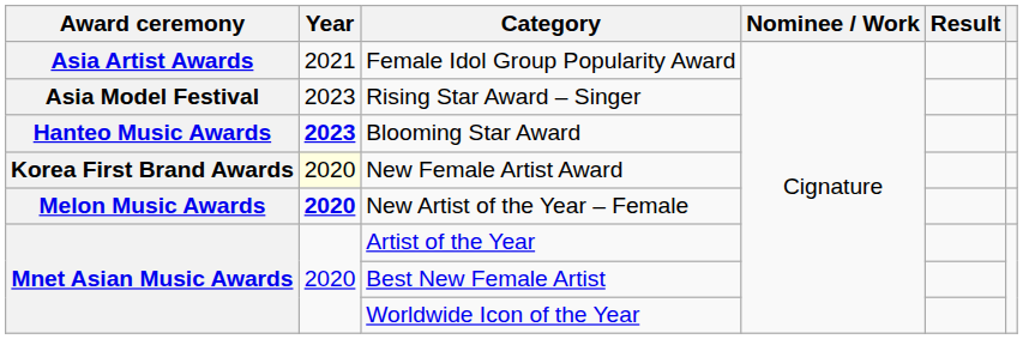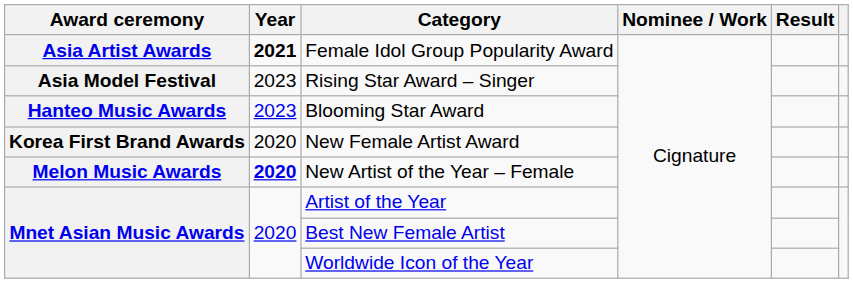 <table class="wikitable plainrowheaders sortable" style="text-align:center">
 <tr>
 <th scope="col">Award ceremony</th>
 <th scope="col">Year</th>
 <th scope="col">Category </th>
 <th scope="col">Nominee / Work</th>
 <th scope="col">Result</th>
 <th scope="col" class="unsortable"></th>
 </tr>
 <tr>
 <th scope="row"><a href='#'>Asia Artist Awards</a></th>
-<td>2021</td>
+<td><strong>2021</strong></td>
 <td style="text-align:left">Female Idol Group Popularity Award</td>
 <td rowspan="8">Cignature</td>
 <td></td>
 <td></td>
 </tr>
 <tr>
 <th scope="row" rowspan=1>Asia Model Festival</th>
 <td>2023</td>
 <td style="text-align:left">Rising Star Award – Singer</td>
 <td></td>
 <td></td>
 </tr>
 <tr>
 <th scope="row"><a href='#'>Hanteo Music Awards</a></th>
-<td><strong><a href='#'>2023</a></strong></td>
+<td><a href='#'>2023</a></td>
 <td style="text-align:left">Blooming Star Award</td>
 <td></td>
 <td></td>
 </tr>
 <tr>
 <th scope="row">Korea First Brand Awards</th>
-<td style="background: lightyellow;">2020</td>
+<td>2020</td>
 <td style="text-align:left">New Female Artist Award</td>
 <td></td>
 <td></td>
 </tr>
 <tr>
 <th scope="row"><a href='#'>Melon Music Awards</a></th>
 <td><strong><a href='#'>2020</a></strong></td>
 <td style="text-align:left">New Artist of the Year – Female</td>
 <td></td>
 <td></td>
 </tr>
 <tr>
 <th scope="row" rowspan="3"><a href='#'>Mnet Asian Music Awards</a></th>
 <td rowspan="3"><a href='#'>2020</a></td>
 <td style="text-align:left"><a href='#'>Artist of the Year</a></td>
 <td></td>
 <td rowspan="3"></td>
 </tr>
 <tr>
 <td style="text-align:left"><a href='#'>Best New Female Artist</a></td>
 <td></td>
 </tr>
 <tr>
 <td style="text-align:left"><a href='#'>Worldwide Icon of the Year</a></td>
 <td></td>
 </tr>
 </table>
